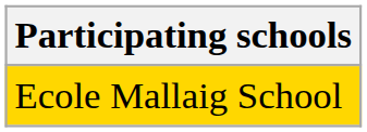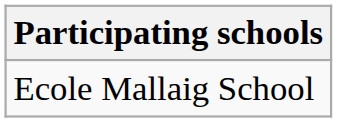 <table class="wikitable" align=right>
 <tr>
 <th>Participating schools</th>
 </tr>
 <tr>
-<td style="background: gold;">Ecole Mallaig School</td>
+<td>Ecole Mallaig School</td>
 </tr>
 </table>
